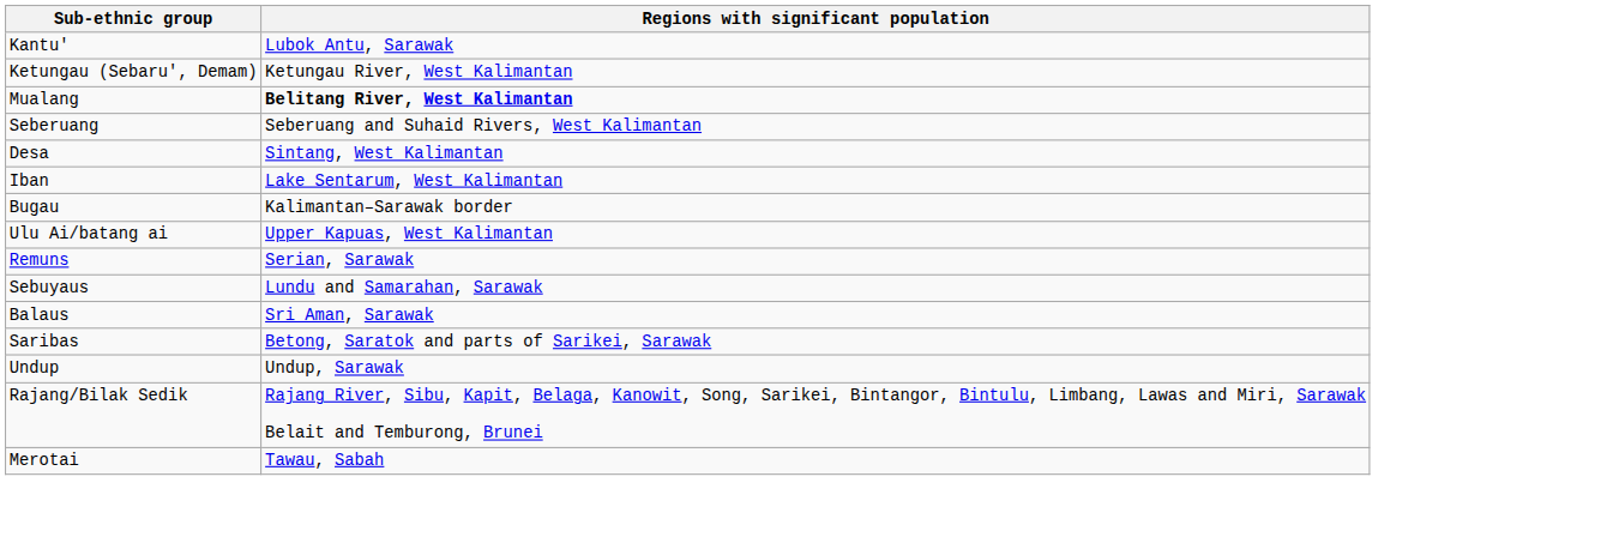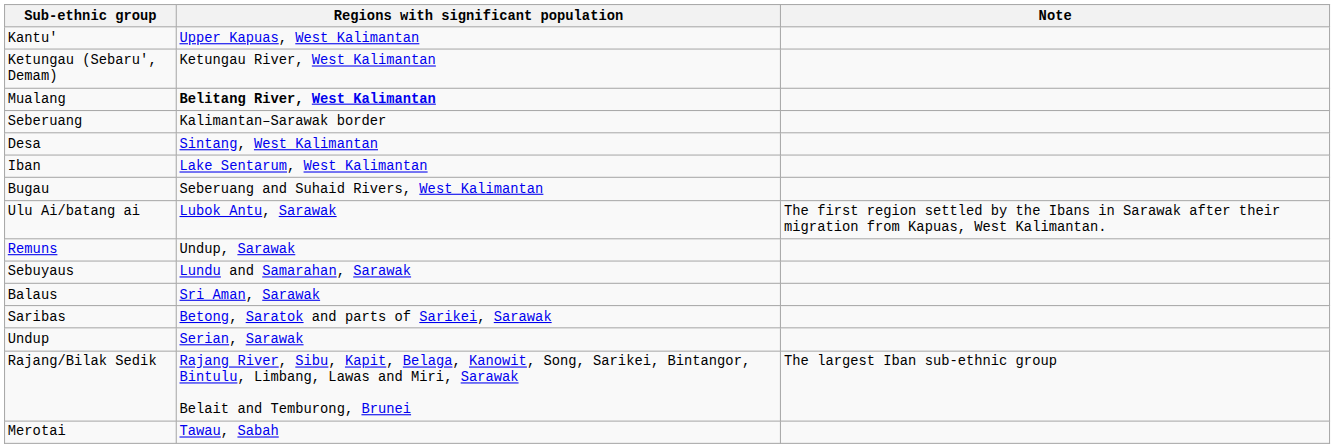 <table class="wikitable">
 <tr>
 <th style="text-align: center;">Sub-ethnic group</th>
 <th style="text-align: center;">Regions with significant population</th>
+<th style="text-align: center;">Note</th>
 </tr>
 <tr valign="top">
 <td>Kantu'</td>
-<td><a href='#'>Lubok Antu</a>, <a href='#'>Sarawak</a></td>
+<td><a href='#'>Upper Kapuas</a>, <a href='#'>West Kalimantan</a></td>
+<td></td>
 </tr>
 <tr valign="top">
 <td>Ketungau (Sebaru', Demam)</td>
 <td>Ketungau River, <a href='#'>West Kalimantan</a></td>
+<td></td>
 </tr>
 <tr valign="top">
 <td>Mualang</td>
 <td><strong>Belitang River, <a href='#'>West Kalimantan</a></strong></td>
+<td></td>
 </tr>
 <tr valign="top">
 <td>Seberuang</td>
-<td>Seberuang and Suhaid Rivers, <a href='#'>West Kalimantan</a></td>
+<td>Kalimantan–Sarawak border</td>
+<td></td>
 </tr>
 <tr valign="top">
 <td>Desa</td>
 <td><a href='#'>Sintang</a>, <a href='#'>West Kalimantan</a></td>
+<td></td>
 </tr>
 <tr valign="top">
 <td>Iban</td>
 <td><a href='#'>Lake Sentarum</a>, <a href='#'>West Kalimantan</a></td>
+<td></td>
 </tr>
 <tr valign="top">
 <td>Bugau</td>
-<td>Kalimantan–Sarawak border</td>
+<td>Seberuang and Suhaid Rivers, <a href='#'>West Kalimantan</a></td>
+<td></td>
 </tr>
 <tr valign="top">
 <td>Ulu Ai/batang ai</td>
-<td><a href='#'>Upper Kapuas</a>, <a href='#'>West Kalimantan</a></td>
+<td><a href='#'>Lubok Antu</a>, <a href='#'>Sarawak</a></td>
+<td>The first region settled by the Ibans in Sarawak after their migration from Kapuas, West Kalimantan.</td>
 </tr>
 <tr valign="top">
 <td><a href='#'>Remuns</a></td>
-<td><a href='#'>Serian</a>, <a href='#'>Sarawak</a></td>
+<td>Undup, <a href='#'>Sarawak</a></td>
+<td></td>
 </tr>
 <tr valign="top">
 <td>Sebuyaus</td>
 <td><a href='#'>Lundu</a> and <a href='#'>Samarahan</a>, <a href='#'>Sarawak</a></td>
+<td></td>
 </tr>
 <tr valign="top">
 <td>Balaus</td>
 <td><a href='#'>Sri Aman</a>, <a href='#'>Sarawak</a></td>
+<td></td>
 </tr>
 <tr valign="top">
 <td>Saribas</td>
 <td><a href='#'>Betong</a>, <a href='#'>Saratok</a> and parts of <a href='#'>Sarikei</a>, <a href='#'>Sarawak</a></td>
+<td></td>
 </tr>
 <tr valign="top">
 <td>Undup</td>
-<td>Undup, <a href='#'>Sarawak</a></td>
+<td><a href='#'>Serian</a>, <a href='#'>Sarawak</a></td>
+<td></td>
 </tr>
 <tr valign="top">
 <td>Rajang/Bilak Sedik</td>
 <td><a href='#'>Rajang River</a>, <a href='#'>Sibu</a>, <a href='#'>Kapit</a>, <a href='#'>Belaga</a>, <a href='#'>Kanowit</a>, Song, Sarikei, Bintangor, <a href='#'>Bintulu</a>, Limbang, Lawas and Miri, <a href='#'>Sarawak</a> <br><br>Belait and Temburong, <a href='#'>Brunei</a></td>
+<td>The largest Iban sub-ethnic group</td>
 </tr>
 <tr valign="top">
 <td>Merotai</td>
 <td><a href='#'>Tawau</a>, <a href='#'>Sabah</a></td>
+<td></td>
 </tr>
 </table>
